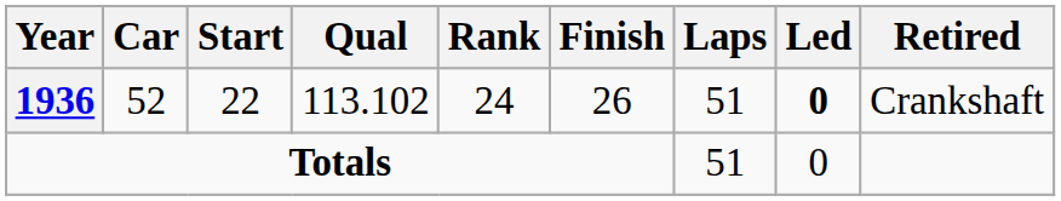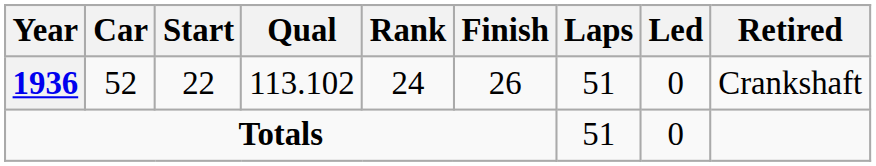 <table class="wikitable" style="text-align:center">
 <tr>
 <th>Year</th>
 <th>Car</th>
 <th>Start</th>
 <th>Qual</th>
 <th>Rank</th>
 <th>Finish</th>
 <th>Laps</th>
 <th>Led</th>
 <th>Retired</th>
 </tr>
 <tr>
 <th><a href='#'>1936</a></th>
 <td>52</td>
 <td>22</td>
 <td>113.102</td>
 <td>24</td>
 <td>26</td>
 <td>51</td>
-<td><strong>0</strong></td>
+<td>0</td>
 <td>Crankshaft</td>
 </tr>
 <tr>
 <td colspan=6><strong>Totals</strong></td>
 <td>51</td>
 <td>0</td>
 <td></td>
 </tr>
 </table>
